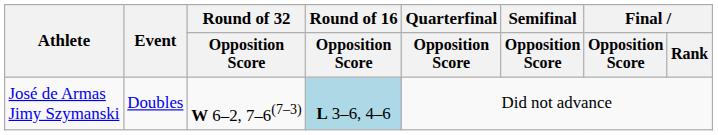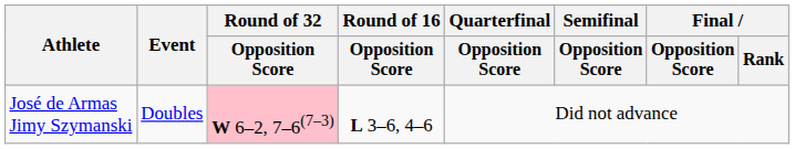 <table class="wikitable" style="font-size:90%">
 <tr>
 <th rowspan="2">Athlete</th>
 <th rowspan="2">Event</th>
 <th>Round of 32</th>
 <th>Round of 16</th>
 <th>Quarterfinal</th>
 <th>Semifinal</th>
 <th colspan=2>Final / </th>
 </tr>
 <tr style="font-size:95%">
 <th>Opposition <br> Score</th>
 <th>Opposition <br> Score</th>
 <th>Opposition <br> Score</th>
 <th>Opposition <br> Score</th>
 <th>Opposition <br> Score</th>
 <th>Rank</th>
 </tr>
 <tr align=center>
 <td align=left><a href='#'>José de Armas</a><br><a href='#'>Jimy Szymanski</a></td>
 <td align=left rowspan=3><a href='#'>Doubles</a></td>
-<td><br><strong>W</strong> 6–2, 7–6<sup>(7–3)</sup></td>
-<td style="background: lightblue;"><br><strong>L</strong> 3–6, 4–6</td>
+<td style="background: pink;"><br><strong>W</strong> 6–2, 7–6<sup>(7–3)</sup></td>
+<td><br><strong>L</strong> 3–6, 4–6</td>
 <td colspan=4>Did not advance</td>
 </tr>
 </table>
